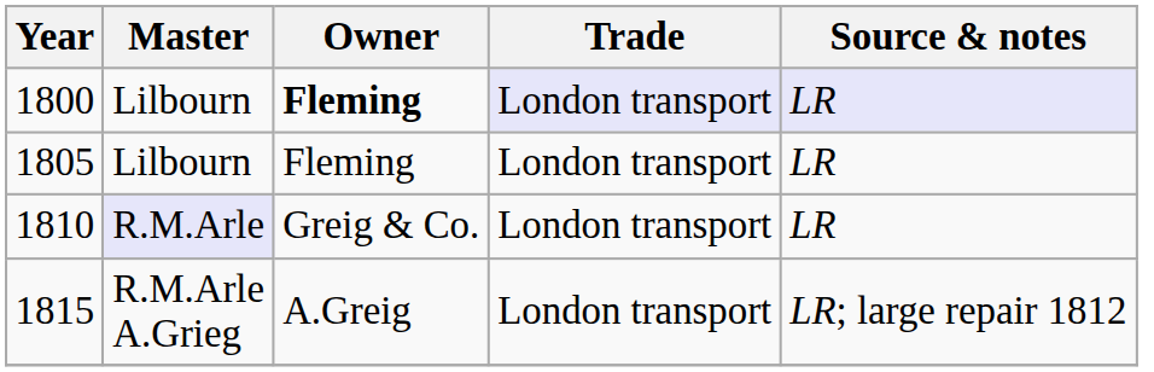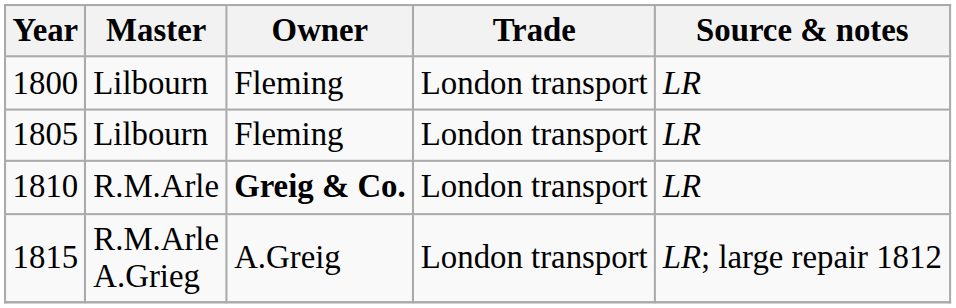 <table class=" wikitable">
 <tr>
 <th>Year</th>
 <th>Master</th>
 <th>Owner</th>
 <th>Trade</th>
 <th>Source & notes</th>
 </tr>
 <tr>
 <td>1800</td>
 <td>Lilbourn</td>
-<td><strong>Fleming</strong></td>
-<td style="background: lavender;">London transport</td>
-<td style="background: lavender;"><em>LR</em></td>
+<td>Fleming</td>
+<td>London transport</td>
+<td><em>LR</em></td>
 </tr>
 <tr>
 <td>1805</td>
 <td>Lilbourn</td>
 <td>Fleming</td>
 <td>London transport</td>
 <td><em>LR</em></td>
 </tr>
 <tr>
 <td>1810</td>
-<td style="background: lavender;">R.M.Arle</td>
-<td>Greig & Co.</td>
+<td>R.M.Arle</td>
+<td><strong>Greig & Co.</strong></td>
 <td>London transport</td>
 <td><em>LR</em></td>
 </tr>
 <tr>
 <td>1815</td>
 <td>R.M.Arle<br>A.Grieg</td>
 <td>A.Greig</td>
 <td>London transport</td>
 <td><em>LR</em>; large repair 1812</td>
 </tr>
 <tr>
 </tr>
 </table>
